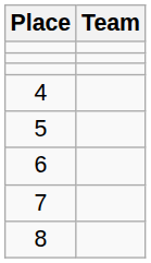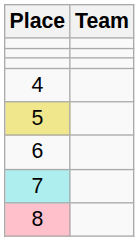 <table class="wikitable" style="text-align: center;">
 <tr>
 <th>Place</th>
 <th>Team</th>
 </tr>
 <tr>
 <td></td>
 <td style="text-align:left;"></td>
 </tr>
 <tr>
 <td></td>
 <td style="text-align:left;"></td>
 </tr>
 <tr>
 <td></td>
 <td style="text-align:left;"></td>
 </tr>
 <tr>
 <td>4</td>
 <td style="text-align:left;"></td>
 </tr>
 <tr>
-<td>5</td>
+<td style="background: khaki;">5</td>
 <td style="text-align:left;"></td>
 </tr>
 <tr>
 <td>6</td>
 <td style="text-align:left;"></td>
 </tr>
 <tr>
-<td>7</td>
+<td style="background: paleturquoise;">7</td>
 <td style="text-align:left;"></td>
 </tr>
 <tr>
-<td>8</td>
+<td style="background: pink;">8</td>
 <td style="text-align:left;"></td>
 </tr>
 </table>
